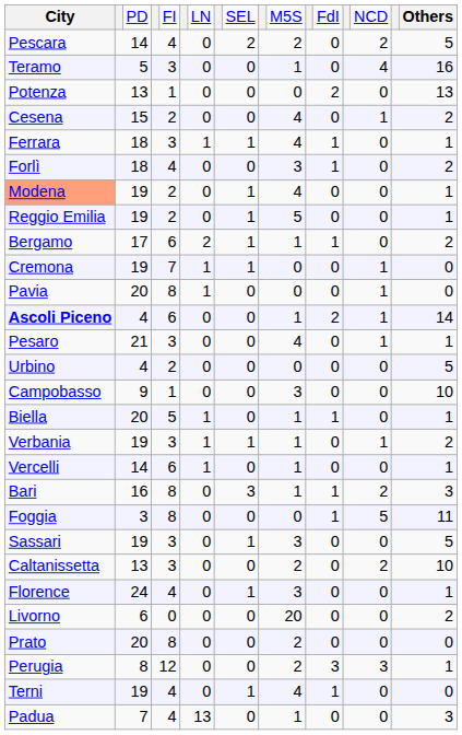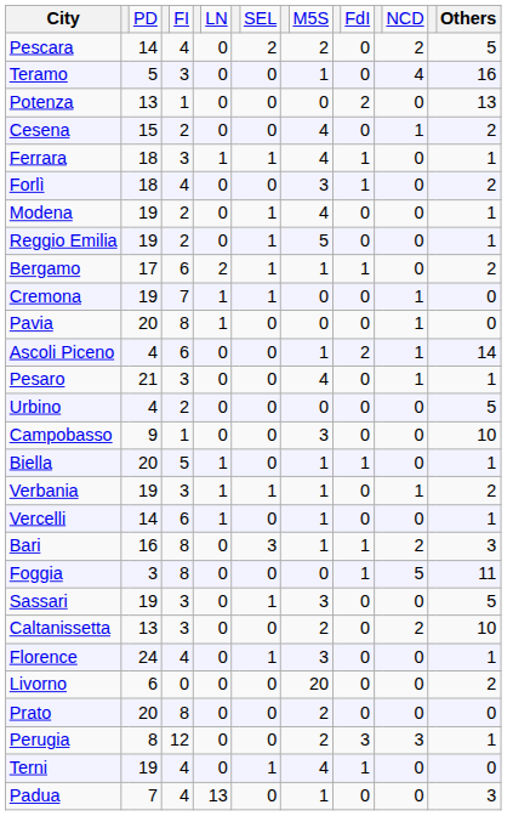 <table class="wikitable" style="text-align:right; padding-left:1em">
 <tr>
 <th align="left">City</th>
 <th style="background-color: "></th>
 <td><a href='#'>PD</a></td>
 <th style="background-color: "></th>
 <td><a href='#'>FI</a></td>
 <th style="background-color: "></th>
 <td><a href='#'>LN</a></td>
 <th style="background-color: "></th>
 <td><a href='#'>SEL</a></td>
 <th style="background-color: "></th>
 <td><a href='#'>M5S</a></td>
 <th style="background-color: "></th>
 <td><a href='#'>FdI</a></td>
 <th style="background-color: "></th>
 <td><a href='#'>NCD</a></td>
 <th style="background-color: "></th>
 <th>Others</th>
 </tr>
 <tr>
 <td align=left><a href='#'>Pescara</a></td>
 <td colspan=2>14</td>
 <td colspan=2>4</td>
 <td colspan=2>0</td>
 <td colspan=2>2</td>
 <td colspan=2>2</td>
 <td colspan=2>0</td>
 <td colspan=2>2</td>
 <td colspan=2>5</td>
 </tr>
 <tr bgcolor=F3F3FF>
 <td align=left><a href='#'>Teramo</a></td>
 <td colspan=2>5</td>
 <td colspan=2>3</td>
 <td colspan=2>0</td>
 <td colspan=2>0</td>
 <td colspan=2>1</td>
 <td colspan=2>0</td>
 <td colspan=2>4</td>
 <td colspan=2>16</td>
 </tr>
 <tr>
 <td align=left><a href='#'>Potenza</a></td>
 <td colspan=2>13</td>
 <td colspan=2>1</td>
 <td colspan=2>0</td>
 <td colspan=2>0</td>
 <td colspan=2>0</td>
 <td colspan=2>2</td>
 <td colspan=2>0</td>
 <td colspan=2>13</td>
 </tr>
 <tr bgcolor=F3F3FF>
 <td align=left><a href='#'>Cesena</a></td>
 <td colspan=2>15</td>
 <td colspan=2>2</td>
 <td colspan=2>0</td>
 <td colspan=2>0</td>
 <td colspan=2>4</td>
 <td colspan=2>0</td>
 <td colspan=2>1</td>
 <td colspan=2>2</td>
 </tr>
 <tr>
 <td align=left><a href='#'>Ferrara</a></td>
 <td colspan=2>18</td>
 <td colspan=2>3</td>
 <td colspan=2>1</td>
 <td colspan=2>1</td>
 <td colspan=2>4</td>
 <td colspan=2>1</td>
 <td colspan=2>0</td>
 <td colspan=2>1</td>
 </tr>
 <tr bgcolor=F3F3FF>
 <td align=left><a href='#'>Forlì</a></td>
 <td colspan=2>18</td>
 <td colspan=2>4</td>
 <td colspan=2>0</td>
 <td colspan=2>0</td>
 <td colspan=2>3</td>
 <td colspan=2>1</td>
 <td colspan=2>0</td>
 <td colspan=2>2</td>
 </tr>
 <tr>
-<td align=left style="background: lightsalmon;"><a href='#'>Modena</a></td>
+<td align=left><a href='#'>Modena</a></td>
 <td colspan=2>19</td>
 <td colspan=2>2</td>
 <td colspan=2>0</td>
 <td colspan=2>1</td>
 <td colspan=2>4</td>
 <td colspan=2>0</td>
 <td colspan=2>0</td>
 <td colspan=2>1</td>
 </tr>
 <tr bgcolor=F3F3FF>
 <td align=left><a href='#'>Reggio Emilia</a></td>
 <td colspan=2>19</td>
 <td colspan=2>2</td>
 <td colspan=2>0</td>
 <td colspan=2>1</td>
 <td colspan=2>5</td>
 <td colspan=2>0</td>
 <td colspan=2>0</td>
 <td colspan=2>1</td>
 </tr>
 <tr>
 <td align=left><a href='#'>Bergamo</a></td>
 <td colspan=2>17</td>
 <td colspan=2>6</td>
 <td colspan=2>2</td>
 <td colspan=2>1</td>
 <td colspan=2>1</td>
 <td colspan=2>1</td>
 <td colspan=2>0</td>
 <td colspan=2>2</td>
 </tr>
 <tr bgcolor=F3F3FF>
 <td align=left><a href='#'>Cremona</a></td>
 <td colspan=2>19</td>
 <td colspan=2>7</td>
 <td colspan=2>1</td>
 <td colspan=2>1</td>
 <td colspan=2>0</td>
 <td colspan=2>0</td>
 <td colspan=2>1</td>
 <td colspan=2>0</td>
 </tr>
 <tr>
 <td align=left><a href='#'>Pavia</a></td>
 <td colspan=2>20</td>
 <td colspan=2>8</td>
 <td colspan=2>1</td>
 <td colspan=2>0</td>
 <td colspan=2>0</td>
 <td colspan=2>0</td>
 <td colspan=2>1</td>
 <td colspan=2>0</td>
 </tr>
 <tr bgcolor=F3F3FF>
-<td align=left><strong><a href='#'>Ascoli Piceno</a></strong></td>
+<td align=left><a href='#'>Ascoli Piceno</a></td>
 <td colspan=2>4</td>
 <td colspan=2>6</td>
 <td colspan=2>0</td>
 <td colspan=2>0</td>
 <td colspan=2>1</td>
 <td colspan=2>2</td>
 <td colspan=2>1</td>
 <td colspan=2>14</td>
 </tr>
 <tr>
 <td align=left><a href='#'>Pesaro</a></td>
 <td colspan=2>21</td>
 <td colspan=2>3</td>
 <td colspan=2>0</td>
 <td colspan=2>0</td>
 <td colspan=2>4</td>
 <td colspan=2>0</td>
 <td colspan=2>1</td>
 <td colspan=2>1</td>
 </tr>
 <tr bgcolor=F3F3FF>
 <td align=left><a href='#'>Urbino</a></td>
 <td colspan=2>4</td>
 <td colspan=2>2</td>
 <td colspan=2>0</td>
 <td colspan=2>0</td>
 <td colspan=2>0</td>
 <td colspan=2>0</td>
 <td colspan=2>0</td>
 <td colspan=2>5</td>
 </tr>
 <tr>
 <td align=left><a href='#'>Campobasso</a></td>
 <td colspan=2>9</td>
 <td colspan=2>1</td>
 <td colspan=2>0</td>
 <td colspan=2>0</td>
 <td colspan=2>3</td>
 <td colspan=2>0</td>
 <td colspan=2>0</td>
 <td colspan=2>10</td>
 </tr>
 <tr bgcolor=F3F3FF>
 <td align=left><a href='#'>Biella</a></td>
 <td colspan=2>20</td>
 <td colspan=2>5</td>
 <td colspan=2>1</td>
 <td colspan=2>0</td>
 <td colspan=2>1</td>
 <td colspan=2>1</td>
 <td colspan=2>0</td>
 <td colspan=2>1</td>
 </tr>
 <tr>
 <td align=left><a href='#'>Verbania</a></td>
 <td colspan=2>19</td>
 <td colspan=2>3</td>
 <td colspan=2>1</td>
 <td colspan=2>1</td>
 <td colspan=2>1</td>
 <td colspan=2>0</td>
 <td colspan=2>1</td>
 <td colspan=2>2</td>
 </tr>
 <tr bgcolor=F3F3FF>
 <td align=left><a href='#'>Vercelli</a></td>
 <td colspan=2>14</td>
 <td colspan=2>6</td>
 <td colspan=2>1</td>
 <td colspan=2>0</td>
 <td colspan=2>1</td>
 <td colspan=2>0</td>
 <td colspan=2>0</td>
 <td colspan=2>1</td>
 </tr>
 <tr>
 <td align=left><a href='#'>Bari</a></td>
 <td colspan=2>16</td>
 <td colspan=2>8</td>
 <td colspan=2>0</td>
 <td colspan=2>3</td>
 <td colspan=2>1</td>
 <td colspan=2>1</td>
 <td colspan=2>2</td>
 <td colspan=2>3</td>
 </tr>
 <tr bgcolor=F3F3FF>
 <td align=left><a href='#'>Foggia</a></td>
 <td colspan=2>3</td>
 <td colspan=2>8</td>
 <td colspan=2>0</td>
 <td colspan=2>0</td>
 <td colspan=2>0</td>
 <td colspan=2>1</td>
 <td colspan=2>5</td>
 <td colspan=2>11</td>
 </tr>
 <tr>
 <td align=left><a href='#'>Sassari</a></td>
 <td colspan=2>19</td>
 <td colspan=2>3</td>
 <td colspan=2>0</td>
 <td colspan=2>1</td>
 <td colspan=2>3</td>
 <td colspan=2>0</td>
 <td colspan=2>0</td>
 <td colspan=2>5</td>
 </tr>
 <tr>
 <td align=left><a href='#'>Caltanissetta</a></td>
 <td colspan=2>13</td>
 <td colspan=2>3</td>
 <td colspan=2>0</td>
 <td colspan=2>0</td>
 <td colspan=2>2</td>
 <td colspan=2>0</td>
 <td colspan=2>2</td>
 <td colspan=2>10</td>
 </tr>
 <tr bgcolor=F3F3FF>
 <td align=left><a href='#'>Florence</a></td>
 <td colspan=2>24</td>
 <td colspan=2>4</td>
 <td colspan=2>0</td>
 <td colspan=2>1</td>
 <td colspan=2>3</td>
 <td colspan=2>0</td>
 <td colspan=2>0</td>
 <td colspan=2>1</td>
 </tr>
 <tr>
 <td align=left><a href='#'>Livorno</a></td>
 <td colspan=2>6</td>
 <td colspan=2>0</td>
 <td colspan=2>0</td>
 <td colspan=2>0</td>
 <td colspan=2>20</td>
 <td colspan=2>0</td>
 <td colspan=2>0</td>
 <td colspan=2>2</td>
 </tr>
 <tr bgcolor=F3F3FF>
 <td align=left><a href='#'>Prato</a></td>
 <td colspan=2>20</td>
 <td colspan=2>8</td>
 <td colspan=2>0</td>
 <td colspan=2>0</td>
 <td colspan=2>2</td>
 <td colspan=2>0</td>
 <td colspan=2>0</td>
 <td colspan=2>0</td>
 </tr>
 <tr>
 <td align=left><a href='#'>Perugia</a></td>
 <td colspan=2>8</td>
 <td colspan=2>12</td>
 <td colspan=2>0</td>
 <td colspan=2>0</td>
 <td colspan=2>2</td>
 <td colspan=2>3</td>
 <td colspan=2>3</td>
 <td colspan=2>1</td>
 </tr>
 <tr bgcolor=F3F3FF>
 <td align=left><a href='#'>Terni</a></td>
 <td colspan=2>19</td>
 <td colspan=2>4</td>
 <td colspan=2>0</td>
 <td colspan=2>1</td>
 <td colspan=2>4</td>
 <td colspan=2>1</td>
 <td colspan=2>0</td>
 <td colspan=2>0</td>
 </tr>
 <tr>
 <td align=left><a href='#'>Padua</a></td>
 <td colspan=2>7</td>
 <td colspan=2>4</td>
 <td colspan=2>13</td>
 <td colspan=2>0</td>
 <td colspan=2>1</td>
 <td colspan=2>0</td>
 <td colspan=2>0</td>
 <td colspan=2>3</td>
 </tr>
 </table>
